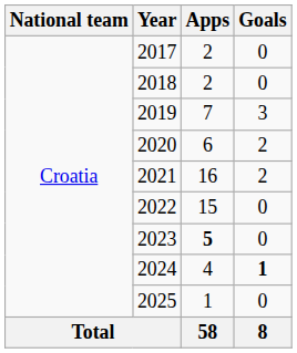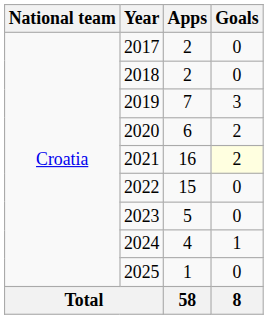 <table class=wikitable style="text-align:center">
 <tr>
 <th>National team</th>
 <th>Year</th>
 <th>Apps</th>
 <th>Goals</th>
 </tr>
 <tr>
 <td rowspan="9"><a href='#'>Croatia</a></td>
 <td>2017</td>
 <td>2</td>
 <td>0</td>
 </tr>
 <tr>
 <td>2018</td>
 <td>2</td>
 <td>0</td>
 </tr>
 <tr>
 <td>2019</td>
 <td>7</td>
 <td>3</td>
 </tr>
 <tr>
 <td>2020</td>
 <td>6</td>
 <td>2</td>
 </tr>
 <tr>
 <td>2021</td>
 <td>16</td>
-<td>2</td>
+<td style="background: lightyellow;">2</td>
 </tr>
 <tr>
 <td>2022</td>
 <td>15</td>
 <td>0</td>
 </tr>
 <tr>
 <td>2023</td>
-<td><strong>5</strong></td>
+<td>5</td>
 <td>0</td>
 </tr>
 <tr>
 <td>2024</td>
 <td>4</td>
-<td><strong>1</strong></td>
+<td>1</td>
 </tr>
 <tr>
 <td>2025</td>
 <td>1</td>
 <td>0</td>
 </tr>
 <tr>
 <th colspan=2>Total</th>
 <th>58</th>
 <th>8</th>
 </tr>
 </table>
